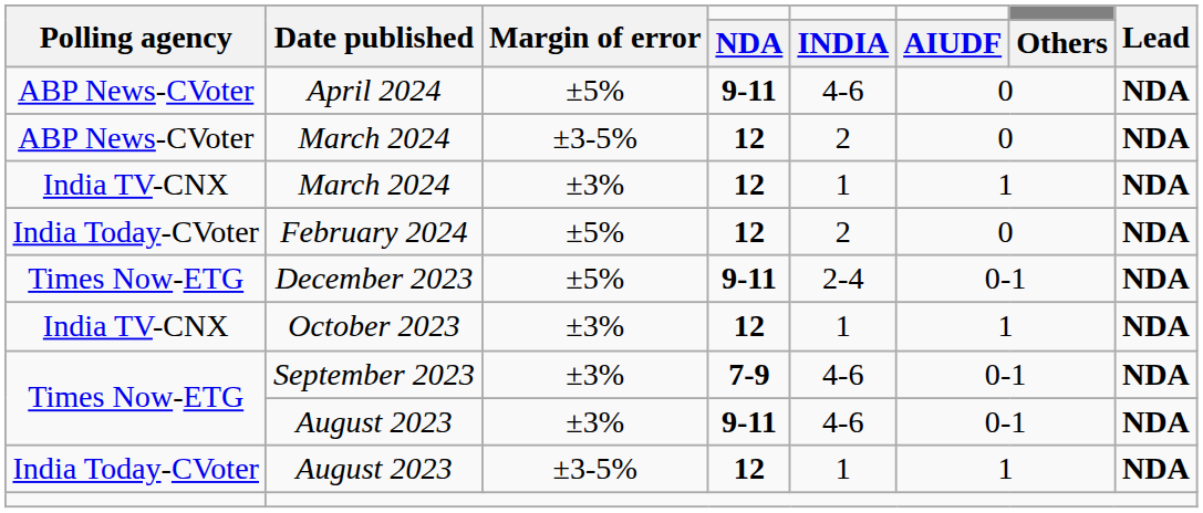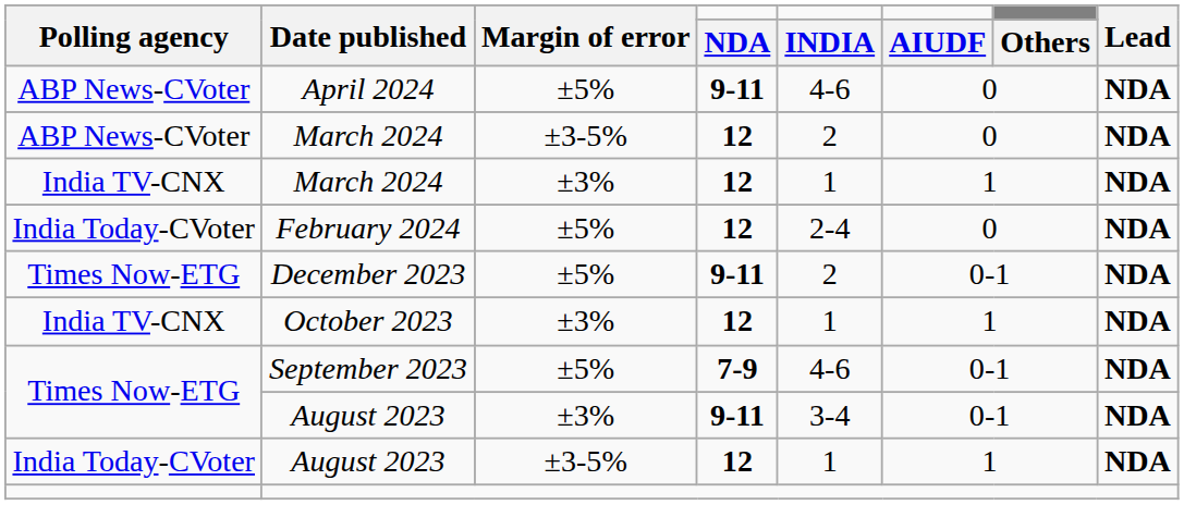 <table class="wikitable sortable" style="text-align:center;font-size:95%;line-height:16px">
 <tr>
 <th rowspan="2">Polling agency</th>
 <th rowspan="2">Date published</th>
 <th rowspan="2">Margin of error</th>
 <td bgcolor=></td>
 <td bgcolor=></td>
 <td bgcolor=></td>
 <td bgcolor="grey"></td>
 <th rowspan="2">Lead</th>
 </tr>
 <tr>
 <th><a href='#'>NDA</a></th>
 <th><a href='#'>INDIA</a></th>
 <th><a href='#'>AIUDF</a></th>
 <th>Others</th>
 </tr>
 <tr>
 <td><a href='#'>ABP News</a>-<a href='#'>CVoter</a></td>
 <td><em>April 2024</em></td>
 <td>±5%</td>
 <td bgcolor=><strong>9-11</strong></td>
 <td>4-6</td>
 <td colspan="2">0</td>
 <td bgcolor=><strong>NDA</strong></td>
 </tr>
 <tr>
 <td><a href='#'>ABP News</a>-CVoter</td>
 <td><em>March 2024</em></td>
 <td>±3-5%</td>
 <td bgcolor=><strong>12</strong></td>
 <td>2</td>
 <td colspan="2">0</td>
 <td bgcolor=><strong>NDA</strong></td>
 </tr>
 <tr>
 <td><a href='#'>India TV</a>-CNX</td>
 <td><em>March 2024</em></td>
 <td>±3%</td>
 <td bgcolor=><strong>12</strong></td>
 <td>1</td>
 <td colspan="2">1</td>
 <td bgcolor=><strong>NDA</strong></td>
 </tr>
 <tr>
 <td><a href='#'>India Today</a>-CVoter</td>
 <td><em>February 2024</em></td>
 <td>±5%</td>
 <td bgcolor=><strong>12</strong></td>
-<td>2</td>
+<td>2-4</td>
 <td colspan="2">0</td>
 <td bgcolor=><strong>NDA</strong></td>
 </tr>
 <tr>
 <td><a href='#'>Times Now</a>-<a href='#'>ETG</a></td>
 <td><em>December 2023</em></td>
 <td>±5%</td>
 <td bgcolor=><strong>9-11</strong></td>
-<td>2-4</td>
+<td>2</td>
 <td colspan="2">0-1</td>
 <td bgcolor=><strong>NDA</strong></td>
 </tr>
 <tr>
 <td><a href='#'>India TV</a>-CNX</td>
 <td><em>October 2023</em></td>
 <td>±3%</td>
 <td bgcolor=><strong>12</strong></td>
 <td>1</td>
 <td colspan="2">1</td>
 <td bgcolor=><strong>NDA</strong></td>
 </tr>
 <tr>
 <td rowspan="2"><a href='#'>Times Now</a>-<a href='#'>ETG</a></td>
 <td><em>September 2023</em></td>
-<td>±3%</td>
+<td>±5%</td>
 <td bgcolor=><strong>7-9</strong></td>
 <td>4-6</td>
 <td colspan="2">0-1</td>
 <td bgcolor=><strong>NDA</strong></td>
 </tr>
 <tr>
 <td><em>August 2023</em></td>
 <td>±3%</td>
 <td bgcolor=><strong>9-11</strong></td>
-<td>4-6</td>
+<td>3-4</td>
 <td colspan="2">0-1</td>
 <td bgcolor=><strong>NDA</strong></td>
 </tr>
 <tr>
 <td><a href='#'>India Today</a>-<a href='#'>CVoter</a></td>
 <td><em>August 2023</em></td>
 <td>±3-5%</td>
 <td><strong>12</strong></td>
 <td>1</td>
 <td colspan="2">1</td>
 <td><strong>NDA</strong></td>
 </tr>
 <tr>
 <td></td>
 </tr>
 </table>
